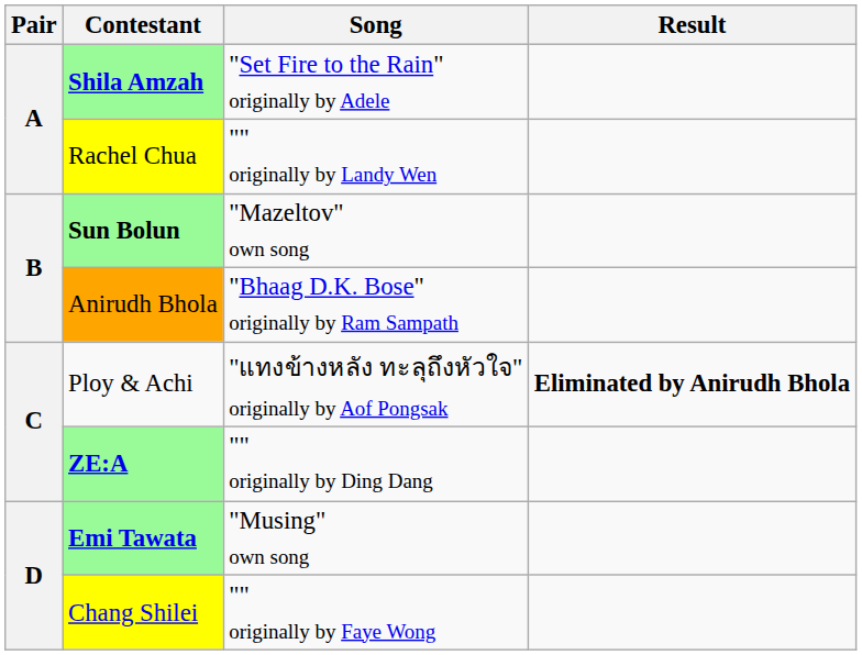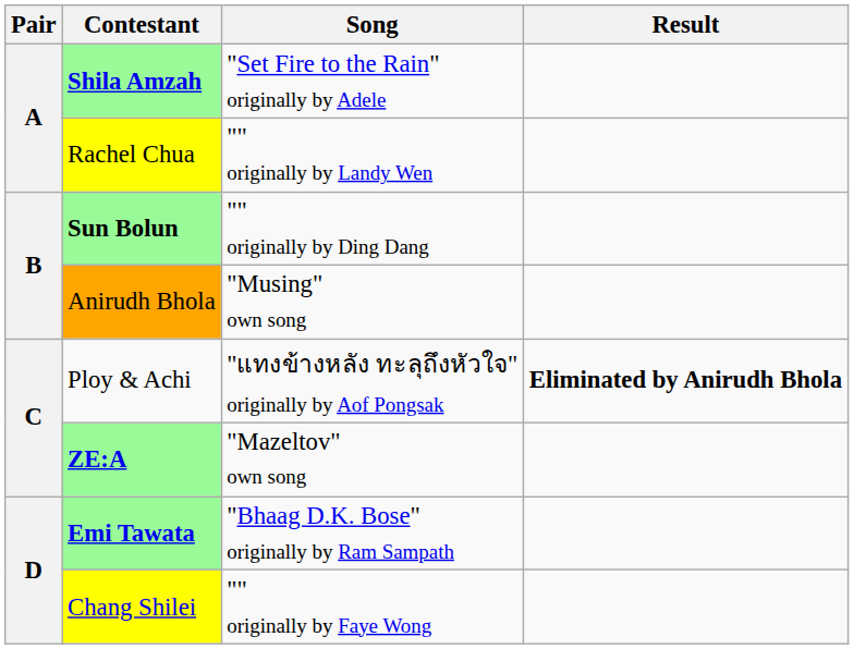 <table class="wikitable">
 <tr>
 <th>Pair</th>
 <th>Contestant</th>
 <th>Song</th>
 <th>Result</th>
 </tr>
 <tr>
 <th rowspan=2>A</th>
 <td style="background:palegreen"> <strong><a href='#'>Shila Amzah</a></strong></td>
 <td>"<a href='#'>Set Fire to the Rain</a>"<br><sub>originally by <a href='#'>Adele</a></sub></td>
 <td></td>
 </tr>
 <tr>
 <td style="background:yellow"> Rachel Chua</td>
 <td>""<br><sub>originally by <a href='#'>Landy Wen</a></sub></td>
 <td></td>
 </tr>
 <tr>
 <th rowspan=2>B</th>
 <td style="background:palegreen"> <strong>Sun Bolun</strong></td>
-<td>"Mazeltov"<br><sub>own song</sub></td>
+<td>""<br><sub>originally by Ding Dang</sub></td>
 <td></td>
 </tr>
 <tr>
 <td style="background:orange"> Anirudh Bhola</td>
-<td>"<a href='#'>Bhaag D.K. Bose</a>"<br><sub>originally by <a href='#'>Ram Sampath</a></sub></td>
+<td>"Musing"<br><sub>own song</sub></td>
 <td></td>
 </tr>
 <tr>
 <th rowspan=2>C</th>
 <td> Ploy & Achi</td>
 <td>"แทงข้างหลัง ทะลุถึงหัวใจ"<br><sub>originally by <a href='#'>Aof Pongsak</a></sub></td>
 <td><strong>Eliminated by Anirudh Bhola</strong></td>
 </tr>
 <tr>
 <td style="background:palegreen"> <strong><a href='#'>ZE:A</a></strong></td>
-<td>""<br><sub>originally by Ding Dang</sub></td>
+<td>"Mazeltov"<br><sub>own song</sub></td>
 <td></td>
 </tr>
 <tr>
 <th rowspan=2>D</th>
 <td style="background:palegreen"> <strong><a href='#'>Emi Tawata</a></strong></td>
-<td>"Musing"<br><sub>own song</sub></td>
+<td>"<a href='#'>Bhaag D.K. Bose</a>"<br><sub>originally by <a href='#'>Ram Sampath</a></sub></td>
 <td></td>
 </tr>
 <tr>
 <td style="background:yellow"> <a href='#'>Chang Shilei</a></td>
 <td>""<br><sub>originally by <a href='#'>Faye Wong</a></sub></td>
 <td></td>
 </tr>
 </table>
